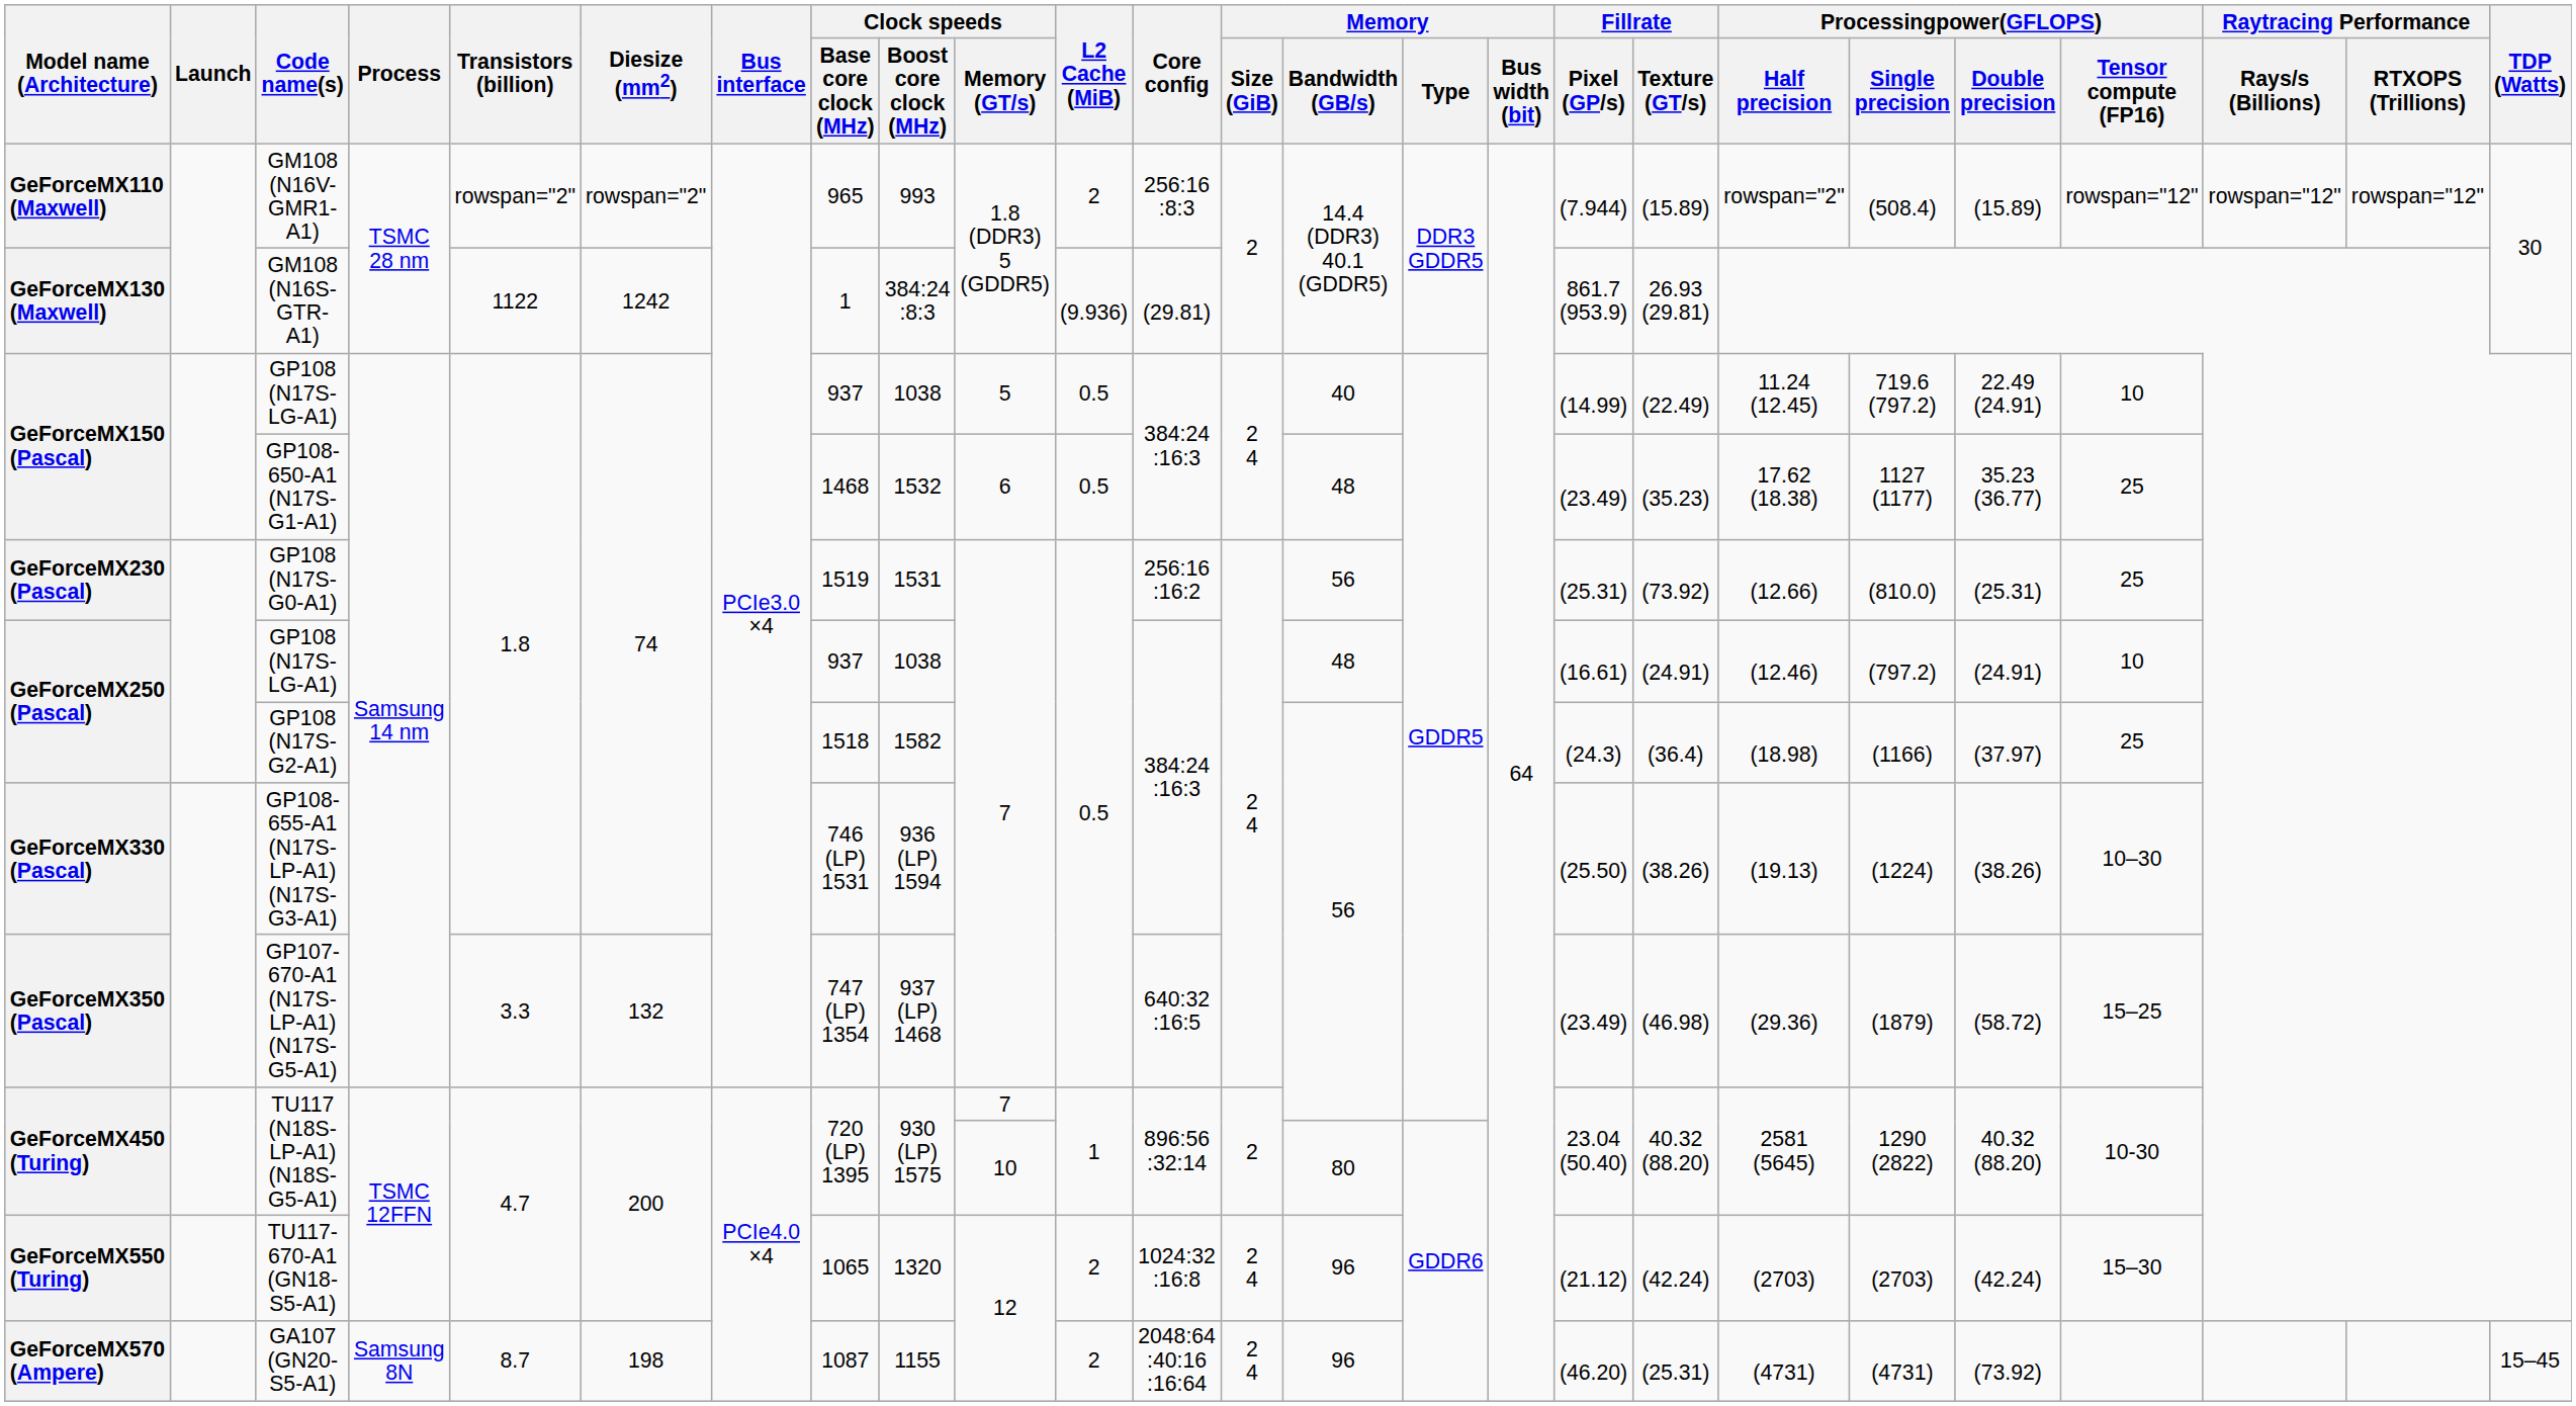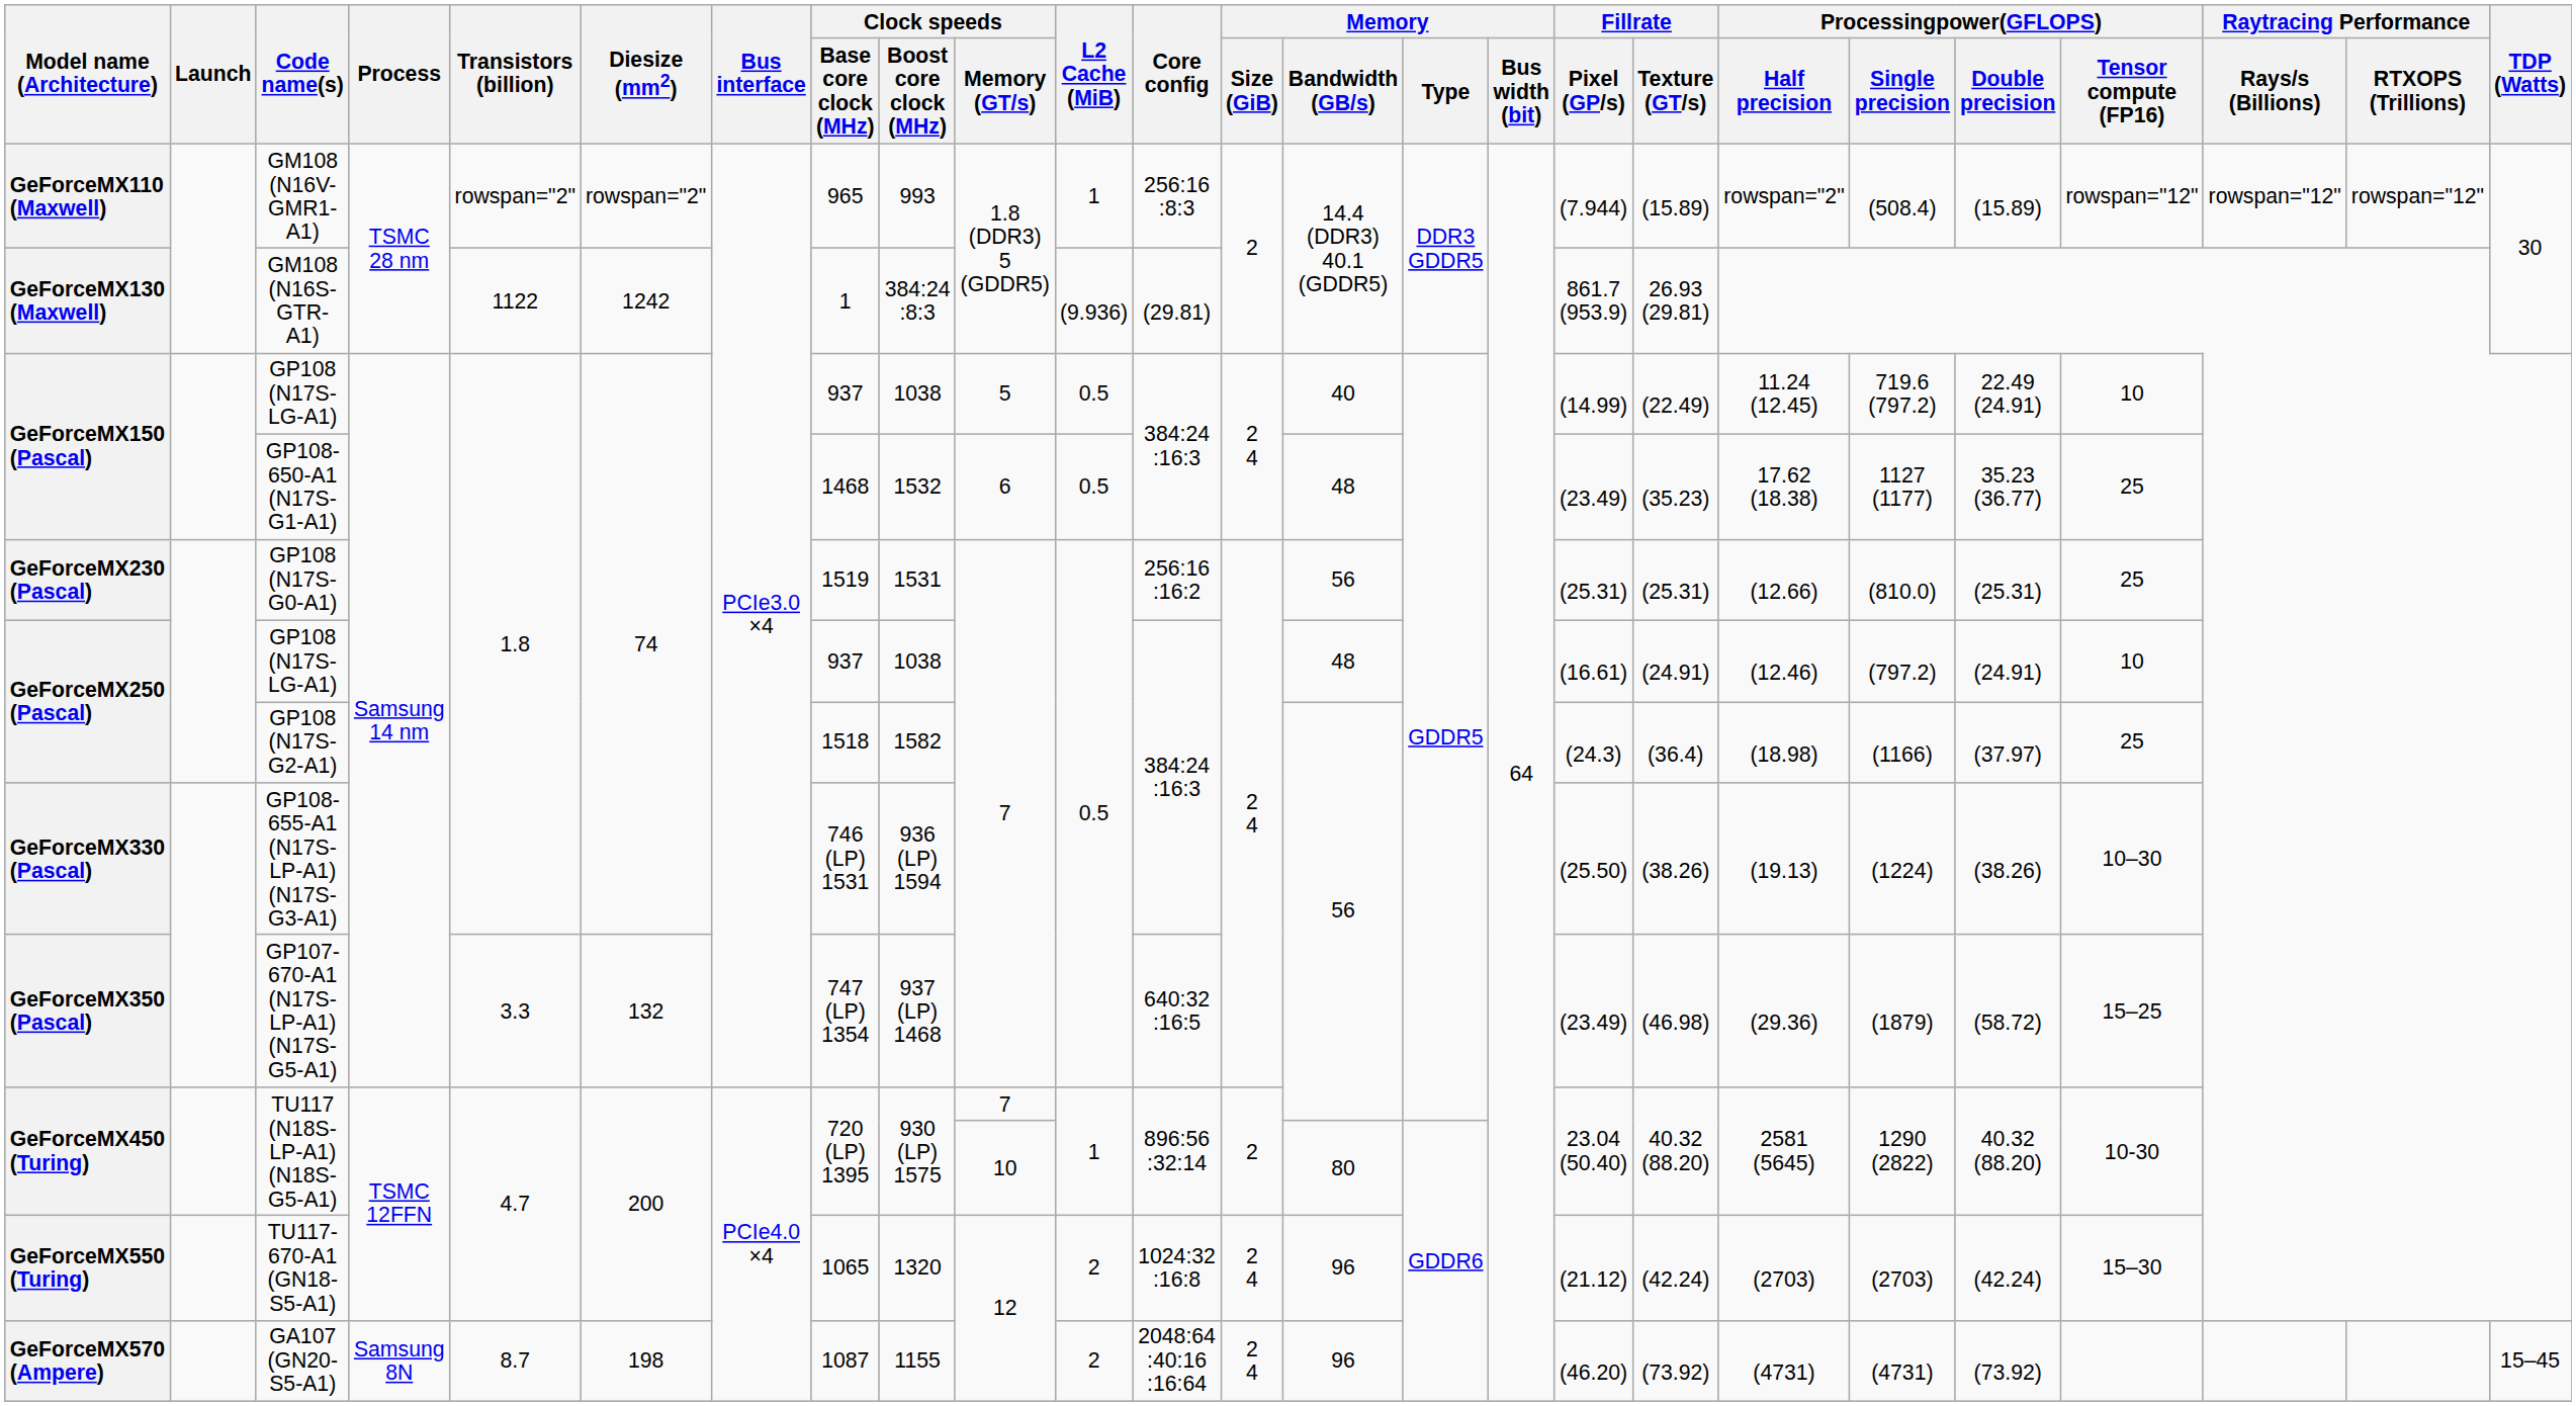 <table class="mw-datatable wikitable sortable sort-under" style="font-size:85%; text-align:center;">
 <tr>
 <th scope="col" rowspan="2">Model name<br>(<a href='#'>Architecture</a>)</th>
 <th scope="col" rowspan="2">Launch</th>
 <th scope="col" rowspan="2"><a href='#'>Code name</a>(s)</th>
 <th scope="col" rowspan="2">Process</th>
 <th scope="col" rowspan="2">Transistors (billion)</th>
 <th scope="col" rowspan="2">Diesize (<a href='#'>mm<sup>2</sup></a>)</th>
 <th rowspan="2" scope="col"><a href='#'>Bus</a> <a href='#'>interface</a></th>
 <th colspan="3" scope="colgroup">Clock speeds</th>
 <th rowspan="2" scope="col"><a href='#'>L2 Cache</a> (<a href='#'>MiB</a>)</th>
 <th rowspan="2" scope="col">Core config </th>
 <th scope="colgroup" colspan="4"><a href='#'>Memory</a></th>
 <th scope="colgroup" colspan="2"><a href='#'>Fillrate</a></th>
 <th colspan="4">Processingpower(<a href='#'>GFLOPS</a>)</th>
 <th scope="colgroup" colspan="2"><a href='#'>Raytracing</a> Performance</th>
 <th scope="col" rowspan="2"><a href='#'>TDP</a><br>(<a href='#'>Watts</a>)</th>
 </tr>
 <tr>
 <th scope="col">Base<br>core<br>clock<br>(<a href='#'>MHz</a>)</th>
 <th scope="col">Boost<br>core<br>clock<br>(<a href='#'>MHz</a>)</th>
 <th scope="col">Memory (<a href='#'>GT/s</a>)</th>
 <th scope="col">Size<br>(<a href='#'>GiB</a>)</th>
 <th scope="col">Bandwidth<br>(<a href='#'>GB/s</a>)</th>
 <th scope="col">Type</th>
 <th scope="col">Bus<br>width<br>(<a href='#'>bit</a>)</th>
 <th scope="col">Pixel<br>(<a href='#'>GP</a>/s)</th>
 <th scope="col">Texture<br>(<a href='#'>GT</a>/s)</th>
 <th scope="col"><a href='#'>Half<br>precision</a></th>
 <th scope="col"><a href='#'>Single<br>precision</a></th>
 <th scope="col"><a href='#'>Double<br>precision</a></th>
 <th scope="col"><a href='#'>Tensor</a><br>compute<br>(FP16)</th>
 <th scope="col">Rays/s<br>(Billions)</th>
 <th scope="col">RTXOPS<br>(Trillions)</th>
 </tr>
 <tr>
 <th style="text-align:left;">GeForceMX110<br>(<a href='#'>Maxwell</a>) </th>
 <td rowspan="2"></td>
 <td>GM108<br>(N16V-GMR1-A1)</td>
 <td rowspan="2"><a href='#'>TSMC</a><br><a href='#'>28 nm</a></td>
 <td>rowspan="2" </td>
 <td>rowspan="2" </td>
 <td rowspan="9"><a href='#'>PCIe3.0</a><br>×4</td>
 <td>965</td>
 <td>993</td>
 <td rowspan="2">1.8<br>(DDR3)<br>5<br>(GDDR5)</td>
-<td>2</td>
+<td>1</td>
 <td>256:16 :8:3</td>
 <td rowspan="2">2</td>
 <td rowspan="2">14.4<br>(DDR3)<br>40.1<br>(GDDR5)</td>
 <td rowspan="2"><a href='#'>DDR3</a><br><a href='#'>GDDR5</a></td>
 <td rowspan="13">64</td>
 <td><br>(7.944)</td>
 <td><br>(15.89)</td>
 <td>rowspan="2" </td>
 <td><br>(508.4)</td>
 <td><br>(15.89)</td>
 <td>rowspan="12" </td>
 <td>rowspan="12" </td>
 <td>rowspan="12" </td>
 <td rowspan="2">30</td>
 </tr>
 <tr>
 <th style="text-align:left;">GeForceMX130<br>(<a href='#'>Maxwell</a>) </th>
 <td>GM108<br>(N16S-GTR-A1)</td>
 <td>1122</td>
 <td>1242</td>
 <td>1</td>
 <td>384:24 :8:3</td>
 <td><br>(9.936)</td>
 <td><br>(29.81)</td>
 <td>861.7<br>(953.9)</td>
 <td>26.93<br>(29.81)</td>
 </tr>
 <tr>
 <th style="text-align:left;" rowspan="2">GeForceMX150<br>(<a href='#'>Pascal</a>) </th>
 <td rowspan="2"></td>
 <td>GP108<br>(N17S-LG-A1)</td>
 <td rowspan="7"><a href='#'>Samsung</a><br><a href='#'>14 nm</a></td>
 <td rowspan="6">1.8</td>
 <td rowspan="6">74</td>
 <td>937</td>
 <td>1038</td>
 <td>5</td>
 <td>0.5</td>
 <td rowspan="2">384:24 :16:3</td>
 <td rowspan="2">2<br>4</td>
 <td>40</td>
 <td rowspan="8"><a href='#'>GDDR5</a></td>
 <td><br>(14.99)</td>
 <td><br>(22.49)</td>
 <td>11.24<br>(12.45)</td>
 <td>719.6<br>(797.2)</td>
 <td>22.49<br>(24.91)</td>
 <td>10</td>
 </tr>
 <tr>
 <td>GP108-650-A1<br>(N17S-G1-A1)</td>
 <td>1468</td>
 <td>1532</td>
 <td>6</td>
 <td>0.5</td>
 <td>48</td>
 <td><br>(23.49)</td>
 <td><br>(35.23)</td>
 <td>17.62<br>(18.38)</td>
 <td>1127<br>(1177)</td>
 <td>35.23<br>(36.77)</td>
 <td>25</td>
 </tr>
 <tr>
 <th scope="row" style="text-align:left;">GeForceMX230<br>(<a href='#'>Pascal</a>) </th>
 <td rowspan="3"></td>
 <td>GP108<br>(N17S-G0-A1)</td>
 <td>1519</td>
 <td>1531</td>
 <td rowspan="5">7</td>
 <td rowspan="5">0.5</td>
 <td>256:16 :16:2</td>
 <td rowspan="5">2<br>4</td>
 <td>56</td>
 <td><br>(25.31)</td>
-<td><br>(73.92)</td>
+<td><br>(25.31)</td>
 <td><br>(12.66)</td>
 <td><br>(810.0)</td>
 <td><br>(25.31)</td>
 <td>25</td>
 </tr>
 <tr>
 <th scope="row" rowspan="2" style="text-align:left;">GeForceMX250<br>(<a href='#'>Pascal</a>) </th>
 <td>GP108<br>(N17S-LG-A1)</td>
 <td>937</td>
 <td>1038</td>
 <td rowspan="3">384:24 :16:3</td>
 <td>48</td>
 <td><br>(16.61)</td>
 <td><br>(24.91)</td>
 <td><br>(12.46)</td>
 <td><br>(797.2)</td>
 <td><br>(24.91)</td>
 <td>10</td>
 </tr>
 <tr>
 <td>GP108<br>(N17S-G2-A1)</td>
 <td>1518</td>
 <td>1582</td>
 <td rowspan="4">56</td>
 <td><br>(24.3)</td>
 <td><br>(36.4)</td>
 <td><br>(18.98)</td>
 <td><br>(1166)</td>
 <td><br>(37.97)</td>
 <td>25</td>
 </tr>
 <tr>
 <th scope="row" style="text-align:left;">GeForceMX330<br>(<a href='#'>Pascal</a>) </th>
 <td rowspan="2"></td>
 <td>GP108-655-A1<br>(N17S-LP-A1)<br>(N17S-G3-A1)</td>
 <td>746 (LP)<br>1531</td>
 <td>936 (LP)<br>1594</td>
 <td><br>(25.50)</td>
 <td><br>(38.26)</td>
 <td><br>(19.13)</td>
 <td><br>(1224)</td>
 <td><br>(38.26)</td>
 <td>10–30</td>
 </tr>
 <tr>
 <th scope="row" style="text-align:left;">GeForceMX350<br>(<a href='#'>Pascal</a>) </th>
 <td>GP107-670-A1<br>(N17S-LP-A1)<br>(N17S-G5-A1)</td>
 <td>3.3</td>
 <td>132</td>
 <td>747 (LP)<br>1354</td>
 <td>937 (LP)<br>1468</td>
 <td>640:32 :16:5</td>
 <td><br>(23.49)</td>
 <td><br>(46.98)</td>
 <td><br>(29.36)</td>
 <td><br>(1879)</td>
 <td><br>(58.72)</td>
 <td>15–25</td>
 </tr>
 <tr>
 <th style="text-align:left;" rowspan=2>GeForceMX450<br>(<a href='#'>Turing</a>) </th>
 <td rowspan=2></td>
 <td rowspan=2>TU117<br>(N18S-LP-A1)<br>(N18S-G5-A1)</td>
 <td rowspan=3><a href='#'>TSMC</a><br><a href='#'>12FFN</a></td>
 <td rowspan=3>4.7</td>
 <td rowspan=3>200</td>
 <td rowspan="4"><a href='#'>PCIe4.0</a><br>×4</td>
 <td rowspan="2">720 (LP)<br>1395</td>
 <td rowspan="2">930 (LP)<br>1575</td>
 <td>7</td>
 <td rowspan="2">1</td>
 <td rowspan="2">896:56 :32:14</td>
 <td rowspan=2>2</td>
 <td rowspan=2>23.04<br>(50.40)</td>
 <td rowspan=2>40.32<br>(88.20)</td>
 <td rowspan="2">2581<br>(5645)</td>
 <td rowspan="2">1290<br>(2822)</td>
 <td rowspan=2>40.32<br>(88.20)</td>
 <td rowspan=2>10-30</td>
 </tr>
 <tr>
 <td>10</td>
 <td>80</td>
 <td rowspan=3><a href='#'>GDDR6</a></td>
 </tr>
 <tr>
 <th scope="row" style="text-align:left;">GeForceMX550<br>(<a href='#'>Turing</a>) </th>
 <td></td>
 <td>TU117-670-A1<br>(GN18-S5-A1)</td>
 <td>1065</td>
 <td>1320</td>
 <td rowspan="2">12</td>
 <td>2</td>
 <td>1024:32 :16:8</td>
 <td>2<br>4</td>
 <td>96</td>
 <td><br>(21.12)</td>
 <td><br>(42.24)</td>
 <td><br>(2703)</td>
 <td><br>(2703)</td>
 <td><br>(42.24)</td>
 <td>15–30</td>
 </tr>
 <tr>
 <th scope="row" style="text-align:left;">GeForceMX570<br>(<a href='#'>Ampere</a>) </th>
 <td></td>
 <td>GA107<br>(GN20-S5-A1)</td>
 <td><a href='#'>Samsung</a><br><a href='#'>8N</a></td>
 <td>8.7</td>
 <td>198</td>
 <td>1087</td>
 <td>1155</td>
 <td>2</td>
 <td>2048:64 :40:16 :16:64</td>
 <td>2<br>4</td>
 <td>96</td>
 <td><br>(46.20)</td>
-<td><br>(25.31)</td>
+<td><br>(73.92)</td>
 <td><br>(4731)</td>
 <td><br>(4731)</td>
 <td><br>(73.92)</td>
 <td></td>
 <td></td>
 <td></td>
 <td>15–45</td>
 </tr>
 <tr>
 </tr>
 </table>
